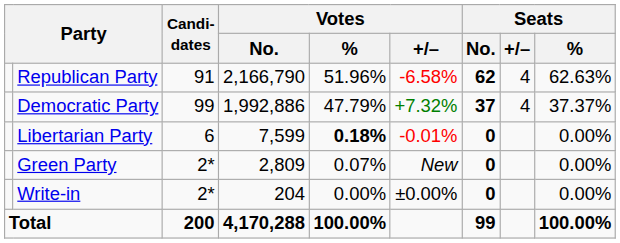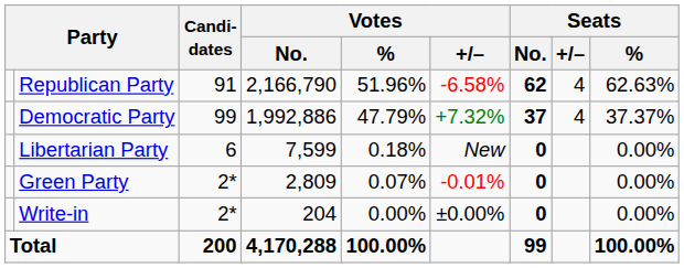 <table class="wikitable" style="font-size:100%; text-align:right;">
 <tr>
 <th colspan=2 rowspan=2>Party</th>
 <th rowspan=2><small>Candi-<br>dates</small></th>
 <th colspan=3>Votes</th>
 <th colspan=3>Seats</th>
 </tr>
 <tr>
 <th>No.</th>
 <th>%</th>
 <th>+/–</th>
 <th>No.</th>
 <th>+/–</th>
 <th>%</th>
 </tr>
 <tr>
 <td style="background:"></td>
 <td align=left><a href='#'>Republican Party</a></td>
 <td>91</td>
 <td>2,166,790</td>
 <td>51.96%</td>
 <td style="color:red;">-6.58%</td>
 <td><strong>62</strong></td>
 <td>4</td>
 <td>62.63%</td>
 </tr>
 <tr>
 <td style="background:"></td>
 <td align=left><a href='#'>Democratic Party</a></td>
 <td>99</td>
 <td>1,992,886</td>
 <td>47.79%</td>
 <td style="color:green;">+7.32%</td>
 <td><strong>37</strong></td>
 <td>4</td>
 <td>37.37%</td>
 </tr>
 <tr>
 <td style="background:"></td>
 <td align=left><a href='#'>Libertarian Party</a></td>
 <td>6</td>
 <td>7,599</td>
-<td><strong>0.18%</strong></td>
-<td style="color:red;">-0.01%</td>
+<td>0.18%</td>
+<td><em>New</em></td>
 <td><strong>0</strong></td>
 <td></td>
 <td>0.00%</td>
 </tr>
 <tr>
 <td style="background:"></td>
 <td align=left><a href='#'>Green Party</a></td>
 <td>2*</td>
 <td>2,809</td>
 <td>0.07%</td>
-<td><em>New</em></td>
+<td style="color:red;">-0.01%</td>
 <td><strong>0</strong></td>
 <td></td>
 <td>0.00%</td>
 </tr>
 <tr>
 <td style="background:"></td>
 <td align=left><a href='#'>Write-in</a></td>
 <td>2*</td>
 <td>204</td>
 <td>0.00%</td>
 <td>±0.00%</td>
 <td><strong>0</strong></td>
 <td></td>
 <td>0.00%</td>
 </tr>
 <tr style="font-weight:bold">
 <td colspan=2 align=left>Total</td>
 <td>200</td>
 <td>4,170,288</td>
 <td>100.00%</td>
 <td></td>
 <td>99</td>
 <td></td>
 <td>100.00%</td>
 </tr>
 </table>
